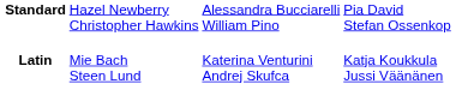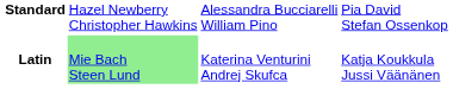 <table>
 <tr>
 <th scope="row">Standard</th>
 <td><br><a href='#'>Hazel Newberry</a><br><a href='#'>Christopher Hawkins</a></td>
 <td><br><a href='#'>Alessandra Bucciarelli</a><br><a href='#'>William Pino</a></td>
 <td><br><a href='#'>Pia David</a><br><a href='#'>Stefan Ossenkop</a></td>
 </tr>
 <tr>
 <th scope="row">Latin</th>
-<td><br><a href='#'>Mie Bach</a><br><a href='#'>Steen Lund</a></td>
+<td style="background: lightgreen;"><br><a href='#'>Mie Bach</a><br><a href='#'>Steen Lund</a></td>
 <td><br><a href='#'>Katerina Venturini</a><br><a href='#'>Andrej Skufca</a></td>
 <td><br><a href='#'>Katja Koukkula</a><br><a href='#'>Jussi Väänänen</a></td>
 </tr>
 </table>
